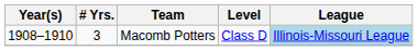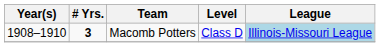 <table class="wikitable" style="text-align:center; font-size: 95%;">
 <tr>
 <th>Year(s)</th>
 <th># Yrs.</th>
 <th>Team</th>
 <th>Level</th>
 <th>League</th>
 </tr>
 <tr>
 <td>1908–1910</td>
-<td>3</td>
+<td><strong>3</strong></td>
 <td>Macomb Potters</td>
 <td><a href='#'>Class D</a></td>
 <td style="background: lightblue;"><a href='#'>Illinois-Missouri League</a></td>
 </tr>
 <tr>
 </tr>
 </table>
